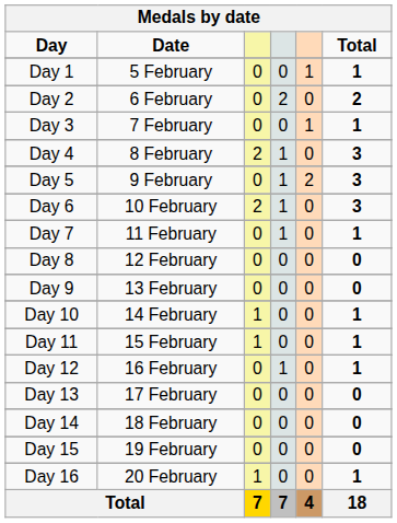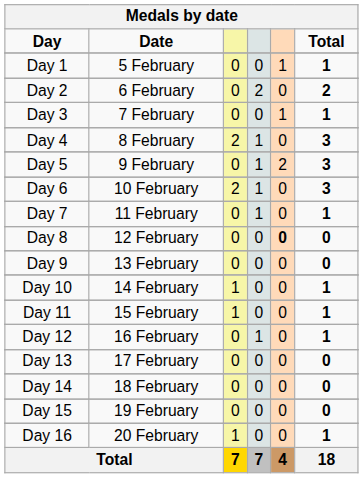 <table class="wikitable" style="font-size:85%; float:right; clear:right; min-width:308px">
 <tr bgcolor=efefef>
 <th colspan=6><strong>Medals by date</strong></th>
 </tr>
 <tr align=center>
 <td><strong>Day</strong></td>
 <td><strong>Date</strong></td>
 <td bgcolor=#f7f6a8></td>
 <td bgcolor=#dce5e5></td>
 <td bgcolor=#ffdab9></td>
 <td><strong>Total</strong></td>
 </tr>
 <tr>
 </tr>
 <tr align=center>
 <td>Day 1</td>
 <td>5 February</td>
 <td bgcolor=F7F6A8>0</td>
 <td bgcolor=DCE5E5>0</td>
 <td bgcolor=FFDAB9>1</td>
 <td><strong>1</strong></td>
 </tr>
 <tr>
 </tr>
 <tr align=center>
 <td>Day 2</td>
 <td>6 February</td>
 <td bgcolor=F7F6A8>0</td>
 <td bgcolor=DCE5E5>2</td>
 <td bgcolor=FFDAB9>0</td>
 <td><strong>2</strong></td>
 </tr>
 <tr>
 </tr>
 <tr align=center>
 <td>Day 3</td>
 <td>7 February</td>
 <td bgcolor=F7F6A8>0</td>
 <td bgcolor=DCE5E5>0</td>
 <td bgcolor=FFDAB9>1</td>
 <td><strong>1</strong></td>
 </tr>
 <tr>
 </tr>
 <tr align=center>
 <td>Day 4</td>
 <td>8 February</td>
 <td bgcolor=F7F6A8>2</td>
 <td bgcolor=DCE5E5>1</td>
 <td bgcolor=FFDAB9>0</td>
 <td><strong>3</strong></td>
 </tr>
 <tr>
 </tr>
 <tr align=center>
 <td>Day 5</td>
 <td>9 February</td>
 <td bgcolor=F7F6A8>0</td>
 <td bgcolor=DCE5E5>1</td>
 <td bgcolor=FFDAB9>2</td>
 <td><strong>3</strong></td>
 </tr>
 <tr>
 </tr>
 <tr align=center>
 <td>Day 6</td>
 <td>10 February</td>
 <td bgcolor=F7F6A8>2</td>
 <td bgcolor=DCE5E5>1</td>
 <td bgcolor=FFDAB9>0</td>
 <td><strong>3</strong></td>
 </tr>
 <tr>
 </tr>
 <tr align=center>
 <td>Day 7</td>
 <td>11 February</td>
 <td bgcolor=F7F6A8>0</td>
 <td bgcolor=DCE5E5>1</td>
 <td bgcolor=FFDAB9>0</td>
 <td><strong>1</strong></td>
 </tr>
 <tr>
 </tr>
 <tr align=center>
 <td>Day 8</td>
 <td>12 February</td>
 <td bgcolor=F7F6A8>0</td>
 <td bgcolor=DCE5E5>0</td>
-<td bgcolor=FFDAB9>0</td>
+<td bgcolor=FFDAB9><strong>0</strong></td>
 <td><strong>0</strong></td>
 </tr>
 <tr>
 </tr>
 <tr align=center>
 <td>Day 9</td>
 <td>13 February</td>
 <td bgcolor=F7F6A8>0</td>
 <td bgcolor=DCE5E5>0</td>
 <td bgcolor=FFDAB9>0</td>
 <td><strong>0</strong></td>
 </tr>
 <tr>
 </tr>
 <tr align=center>
 <td>Day 10</td>
 <td>14 February</td>
 <td bgcolor=F7F6A8>1</td>
 <td bgcolor=DCE5E5>0</td>
 <td bgcolor=FFDAB9>0</td>
 <td><strong>1</strong></td>
 </tr>
 <tr>
 </tr>
 <tr align=center>
 <td>Day 11</td>
 <td>15 February</td>
 <td bgcolor=F7F6A8>1</td>
 <td bgcolor=DCE5E5>0</td>
 <td bgcolor=FFDAB9>0</td>
 <td><strong>1</strong></td>
 </tr>
 <tr>
 </tr>
 <tr align=center>
 <td>Day 12</td>
 <td>16 February</td>
 <td bgcolor=F7F6A8>0</td>
 <td bgcolor=DCE5E5>1</td>
 <td bgcolor=FFDAB9>0</td>
 <td><strong>1</strong></td>
 </tr>
 <tr>
 </tr>
 <tr align=center>
 <td>Day 13</td>
 <td>17 February</td>
 <td bgcolor=F7F6A8>0</td>
 <td bgcolor=DCE5E5>0</td>
 <td bgcolor=FFDAB9>0</td>
 <td><strong>0</strong></td>
 </tr>
 <tr>
 </tr>
 <tr align=center>
 <td>Day 14</td>
 <td>18 February</td>
 <td bgcolor=F7F6A8>0</td>
 <td bgcolor=DCE5E5>0</td>
 <td bgcolor=FFDAB9>0</td>
 <td><strong>0</strong></td>
 </tr>
 <tr>
 </tr>
 <tr align=center>
 <td>Day 15</td>
 <td>19 February</td>
 <td bgcolor=F7F6A8>0</td>
 <td bgcolor=DCE5E5>0</td>
 <td bgcolor=FFDAB9>0</td>
 <td><strong>0</strong></td>
 </tr>
 <tr>
 </tr>
 <tr align=center>
 <td>Day 16</td>
 <td>20 February</td>
 <td bgcolor=F7F6A8>1</td>
 <td bgcolor=DCE5E5>0</td>
 <td bgcolor=FFDAB9>0</td>
 <td><strong>1</strong></td>
 </tr>
 <tr>
 <th colspan=2><strong>Total</strong></th>
 <th style="background:gold"><strong>7</strong></th>
 <th style="background:silver"><strong>7</strong></th>
 <th style="background:#c96"><strong>4</strong></th>
 <th><strong>18</strong></th>
 </tr>
 </table>
